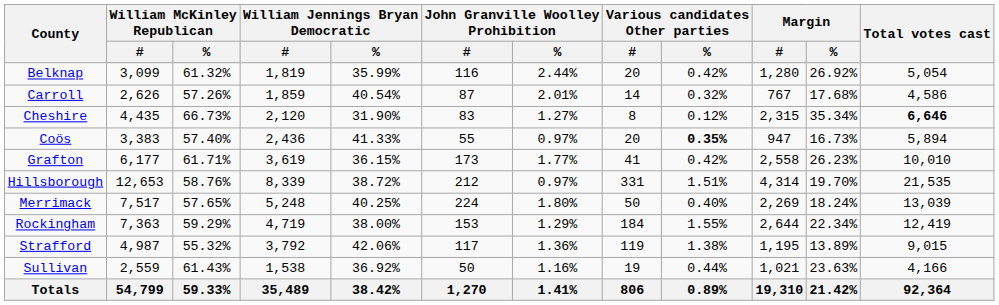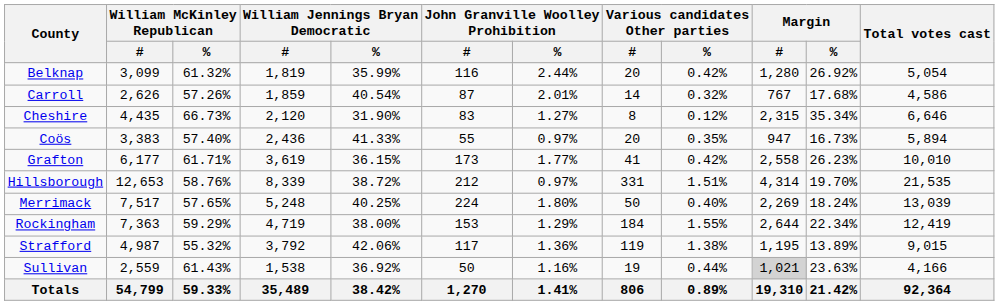 <table class="wikitable sortable">
 <tr>
 <th rowspan="2">County</th>
 <th colspan="2">William McKinley<br>Republican</th>
 <th colspan="2">William Jennings Bryan<br>Democratic</th>
 <th colspan="2">John Granville Woolley<br>Prohibition</th>
 <th colspan="2">Various candidates<br>Other parties</th>
 <th colspan="2">Margin</th>
 <th rowspan="2">Total votes cast</th>
 </tr>
 <tr bgcolor="lightgrey">
 <th data-sort-type="number">#</th>
 <th data-sort-type="number">%</th>
 <th data-sort-type="number">#</th>
 <th data-sort-type="number">%</th>
 <th data-sort-type="number">#</th>
 <th data-sort-type="number">%</th>
 <th data-sort-type="number">#</th>
 <th data-sort-type="number">%</th>
 <th data-sort-type="number">#</th>
 <th data-sort-type="number">%</th>
 </tr>
 <tr style="text-align:center;">
 <td><a href='#'>Belknap</a></td>
 <td>3,099</td>
 <td>61.32%</td>
 <td>1,819</td>
 <td>35.99%</td>
 <td>116</td>
 <td>2.44%</td>
 <td>20</td>
 <td>0.42%</td>
 <td>1,280</td>
 <td>26.92%</td>
 <td>5,054</td>
 </tr>
 <tr style="text-align:center;">
 <td><a href='#'>Carroll</a></td>
 <td>2,626</td>
 <td>57.26%</td>
 <td>1,859</td>
 <td>40.54%</td>
 <td>87</td>
 <td>2.01%</td>
 <td>14</td>
 <td>0.32%</td>
 <td>767</td>
 <td>17.68%</td>
 <td>4,586</td>
 </tr>
 <tr style="text-align:center;">
 <td><a href='#'>Cheshire</a></td>
 <td>4,435</td>
 <td>66.73%</td>
 <td>2,120</td>
 <td>31.90%</td>
 <td>83</td>
 <td>1.27%</td>
 <td>8</td>
 <td>0.12%</td>
 <td>2,315</td>
 <td>35.34%</td>
-<td><strong>6,646</strong></td>
+<td>6,646</td>
 </tr>
 <tr style="text-align:center;">
 <td><a href='#'>Coös</a></td>
 <td>3,383</td>
 <td>57.40%</td>
 <td>2,436</td>
 <td>41.33%</td>
 <td>55</td>
 <td>0.97%</td>
 <td>20</td>
-<td><strong>0.35%</strong></td>
+<td>0.35%</td>
 <td>947</td>
 <td>16.73%</td>
 <td>5,894</td>
 </tr>
 <tr style="text-align:center;">
 <td><a href='#'>Grafton</a></td>
 <td>6,177</td>
 <td>61.71%</td>
 <td>3,619</td>
 <td>36.15%</td>
 <td>173</td>
 <td>1.77%</td>
 <td>41</td>
 <td>0.42%</td>
 <td>2,558</td>
 <td>26.23%</td>
 <td>10,010</td>
 </tr>
 <tr style="text-align:center;">
 <td><a href='#'>Hillsborough</a></td>
 <td>12,653</td>
 <td>58.76%</td>
 <td>8,339</td>
 <td>38.72%</td>
 <td>212</td>
 <td>0.97%</td>
 <td>331</td>
 <td>1.51%</td>
 <td>4,314</td>
 <td>19.70%</td>
 <td>21,535</td>
 </tr>
 <tr style="text-align:center;">
 <td><a href='#'>Merrimack</a></td>
 <td>7,517</td>
 <td>57.65%</td>
 <td>5,248</td>
 <td>40.25%</td>
 <td>224</td>
 <td>1.80%</td>
 <td>50</td>
 <td>0.40%</td>
 <td>2,269</td>
 <td>18.24%</td>
 <td>13,039</td>
 </tr>
 <tr style="text-align:center;">
 <td><a href='#'>Rockingham</a></td>
 <td>7,363</td>
 <td>59.29%</td>
 <td>4,719</td>
 <td>38.00%</td>
 <td>153</td>
 <td>1.29%</td>
 <td>184</td>
 <td>1.55%</td>
 <td>2,644</td>
 <td>22.34%</td>
 <td>12,419</td>
 </tr>
 <tr style="text-align:center;">
 <td><a href='#'>Strafford</a></td>
 <td>4,987</td>
 <td>55.32%</td>
 <td>3,792</td>
 <td>42.06%</td>
 <td>117</td>
 <td>1.36%</td>
 <td>119</td>
 <td>1.38%</td>
 <td>1,195</td>
 <td>13.89%</td>
 <td>9,015</td>
 </tr>
 <tr style="text-align:center;">
 <td><a href='#'>Sullivan</a></td>
 <td>2,559</td>
 <td>61.43%</td>
 <td>1,538</td>
 <td>36.92%</td>
 <td>50</td>
 <td>1.16%</td>
 <td>19</td>
 <td>0.44%</td>
-<td>1,021</td>
+<td style="background: lightgrey;">1,021</td>
 <td>23.63%</td>
 <td>4,166</td>
 </tr>
 <tr>
 <th>Totals</th>
 <th>54,799</th>
 <th>59.33%</th>
 <th>35,489</th>
 <th>38.42%</th>
 <th>1,270</th>
 <th>1.41%</th>
 <th>806</th>
 <th>0.89%</th>
 <th>19,310</th>
 <th>21.42%</th>
 <th>92,364</th>
 </tr>
 </table>
